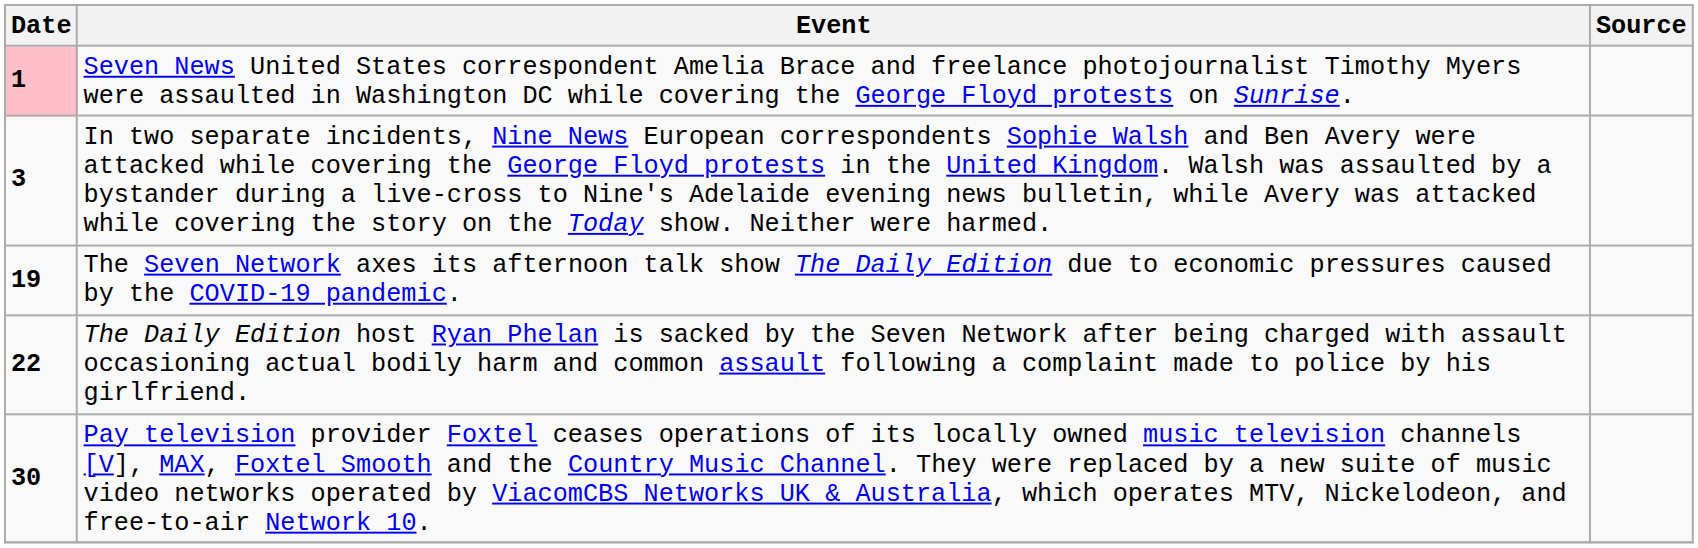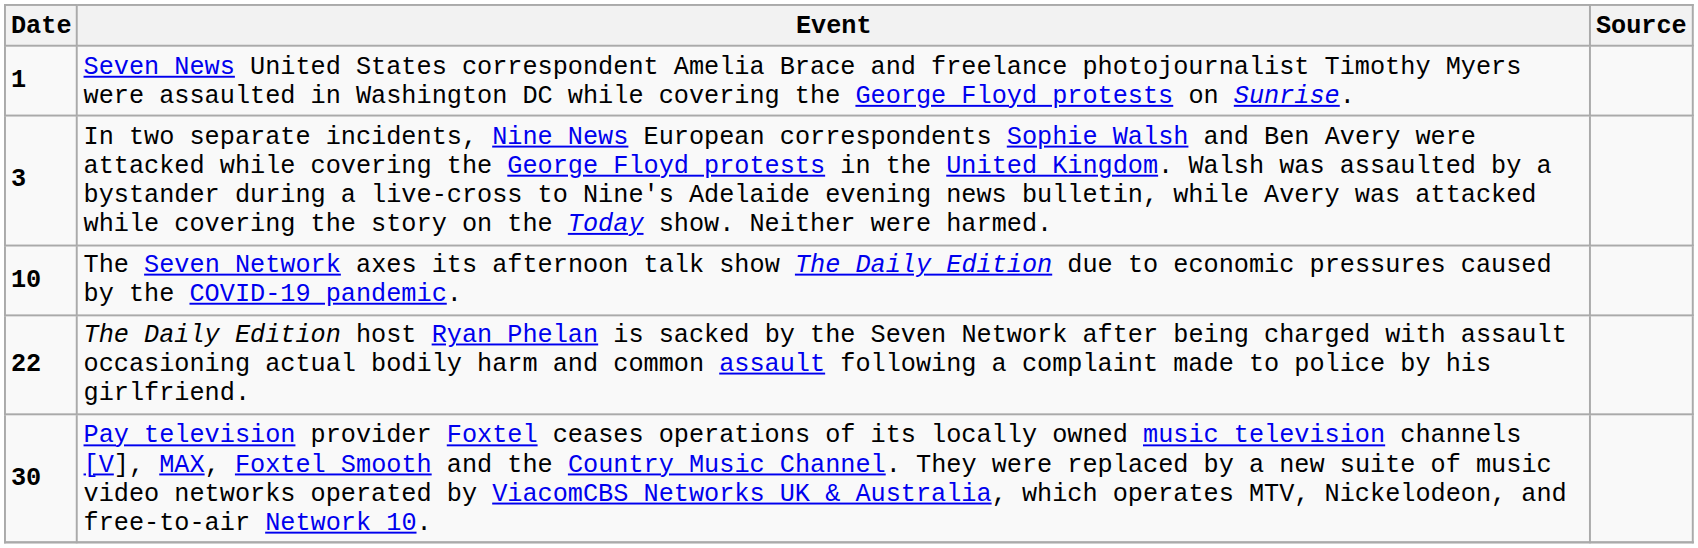 <table class="wikitable">
 <tr>
 <th>Date</th>
 <th>Event</th>
 <th>Source</th>
 </tr>
 <tr>
-<td style="background: pink;"><strong>1</strong></td>
+<td><strong>1</strong></td>
 <td><a href='#'>Seven News</a> United States correspondent Amelia Brace and freelance photojournalist Timothy Myers were assaulted in Washington DC while covering the <a href='#'>George Floyd protests</a> on <em><a href='#'>Sunrise</a></em>.</td>
 <td></td>
 </tr>
 <tr>
 <td><strong>3</strong></td>
 <td>In two separate incidents, <a href='#'>Nine News</a> European correspondents <a href='#'>Sophie Walsh</a> and Ben Avery were attacked while covering the <a href='#'>George Floyd protests</a> in the <a href='#'>United Kingdom</a>. Walsh was assaulted by a bystander during a live-cross to Nine's Adelaide evening news bulletin, while Avery was attacked while covering the story on the <em><a href='#'>Today</a></em> show. Neither were harmed.</td>
 <td></td>
 </tr>
 <tr>
-<td><strong>19</strong></td>
+<td><strong>10</strong></td>
 <td>The <a href='#'>Seven Network</a> axes its afternoon talk show <em><a href='#'>The Daily Edition</a></em> due to economic pressures caused by the <a href='#'>COVID-19 pandemic</a>.</td>
 <td></td>
 </tr>
 <tr>
 <td><strong>22</strong></td>
 <td><em>The Daily Edition</em> host <a href='#'>Ryan Phelan</a> is sacked by the Seven Network after being charged with assault occasioning actual bodily harm and common <a href='#'>assault</a> following a complaint made to police by his girlfriend.</td>
 <td></td>
 </tr>
 <tr>
 <td><strong>30</strong></td>
 <td><a href='#'>Pay television</a> provider <a href='#'>Foxtel</a> ceases operations of its locally owned <a href='#'>music television</a> channels <a href='#'>[V</a>], <a href='#'>MAX</a>, <a href='#'>Foxtel Smooth</a> and the <a href='#'>Country Music Channel</a>. They were replaced by a new suite of music video networks operated by <a href='#'>ViacomCBS Networks UK & Australia</a>, which operates MTV, Nickelodeon, and free-to-air <a href='#'>Network 10</a>.</td>
 <td></td>
 </tr>
 <tr>
 </tr>
 </table>
